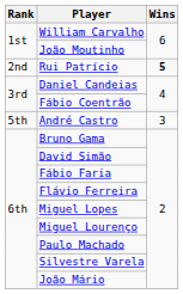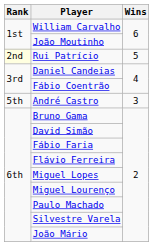 <table class="wikitable">
 <tr>
 <th>Rank</th>
 <th>Player</th>
 <th>Wins</th>
 </tr>
 <tr>
 <td rowspan="2" style="border-top:1px solid silver">1st</td>
 <td><a href='#'>William Carvalho</a></td>
 <td rowspan="2" style="text-align:center; border-top:1px solid silver">6</td>
 </tr>
 <tr>
 <td><a href='#'>João Moutinho</a></td>
 </tr>
 <tr>
-<td rowspan="1" style="border-top:1px solid silver">2nd</td>
+<td rowspan="1" style="background: lightyellow; border-top:1px solid silver">2nd</td>
 <td><a href='#'>Rui Patrício</a></td>
-<td rowspan="1" style="text-align:center; border-top:1px solid silver"><strong>5</strong></td>
+<td rowspan="1" style="text-align:center; border-top:1px solid silver">5</td>
 </tr>
 <tr>
 <td rowspan="2" style="border-top:1px solid silver">3rd</td>
 <td><a href='#'>Daniel Candeias</a></td>
 <td rowspan="2" style="text-align:center; border-top:1px solid silver">4</td>
 </tr>
 <tr>
 <td><a href='#'>Fábio Coentrão</a></td>
 </tr>
 <tr>
 <td rowspan="1" style="border-top:1px solid silver">5th</td>
 <td><a href='#'>André Castro</a></td>
 <td rowspan="1" style="text-align:center; border-top:1px solid silver">3</td>
 </tr>
 <tr>
 <td rowspan="9" style="border-top:1px solid silver">6th</td>
 <td><a href='#'>Bruno Gama</a></td>
 <td rowspan="9" style="text-align:center; border-top:1px solid silver">2</td>
 </tr>
 <tr>
 <td><a href='#'>David Simão</a></td>
 </tr>
 <tr>
 <td><a href='#'>Fábio Faria</a></td>
 </tr>
 <tr>
 <td><a href='#'>Flávio Ferreira</a></td>
 </tr>
 <tr>
 <td><a href='#'>Miguel Lopes</a></td>
 </tr>
 <tr>
 <td><a href='#'>Miguel Lourenço</a></td>
 </tr>
 <tr>
 <td><a href='#'>Paulo Machado</a></td>
 </tr>
 <tr>
 <td><a href='#'>Silvestre Varela</a></td>
 </tr>
 <tr>
 <td><a href='#'>João Mário</a></td>
 </tr>
 </table>
